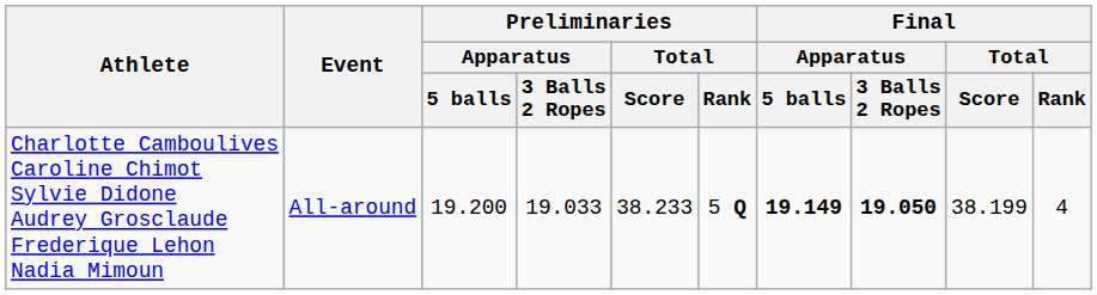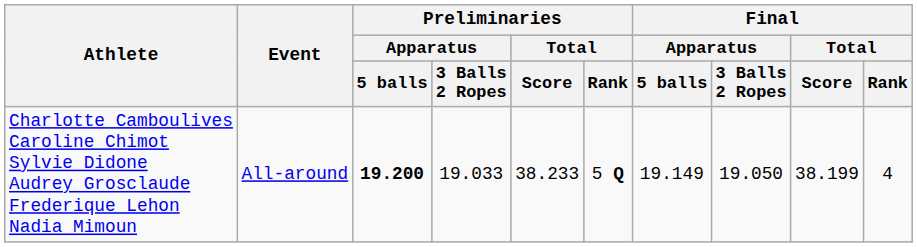 <table class=wikitable style=font-size:90%;text-align:center>
 <tr>
 <th rowspan=3>Athlete</th>
 <th rowspan=3>Event</th>
 <th colspan=4>Preliminaries</th>
 <th colspan=4>Final</th>
 </tr>
 <tr style=font-size:95%>
 <th colspan=2>Apparatus</th>
 <th colspan=2>Total</th>
 <th colspan=2>Apparatus</th>
 <th colspan=2>Total</th>
 </tr>
 <tr style=font-size:95%>
 <th>5 balls</th>
 <th>3 Balls<br>2 Ropes</th>
 <th>Score</th>
 <th>Rank</th>
 <th>5 balls</th>
 <th>3 Balls<br>2 Ropes</th>
 <th>Score</th>
 <th>Rank</th>
 </tr>
 <tr>
 <td align=left><a href='#'>Charlotte Camboulives</a><br><a href='#'>Caroline Chimot</a><br><a href='#'>Sylvie Didone</a><br><a href='#'>Audrey Grosclaude</a><br><a href='#'>Frederique Lehon</a><br><a href='#'>Nadia Mimoun</a></td>
 <td align=left><a href='#'>All-around</a></td>
-<td>19.200</td>
+<td><strong>19.200</strong></td>
 <td>19.033</td>
 <td>38.233</td>
 <td>5 <strong>Q</strong></td>
-<td><strong>19.149</strong></td>
-<td><strong>19.050</strong></td>
+<td>19.149</td>
+<td>19.050</td>
 <td>38.199</td>
 <td>4</td>
 </tr>
 </table>
